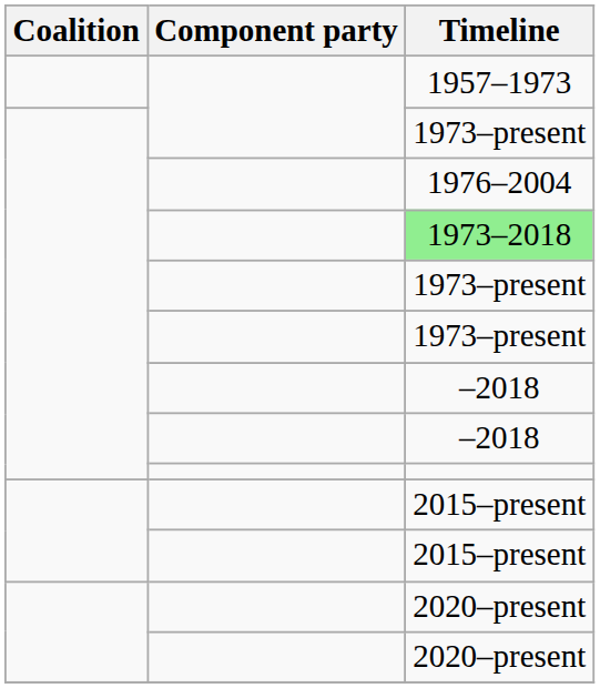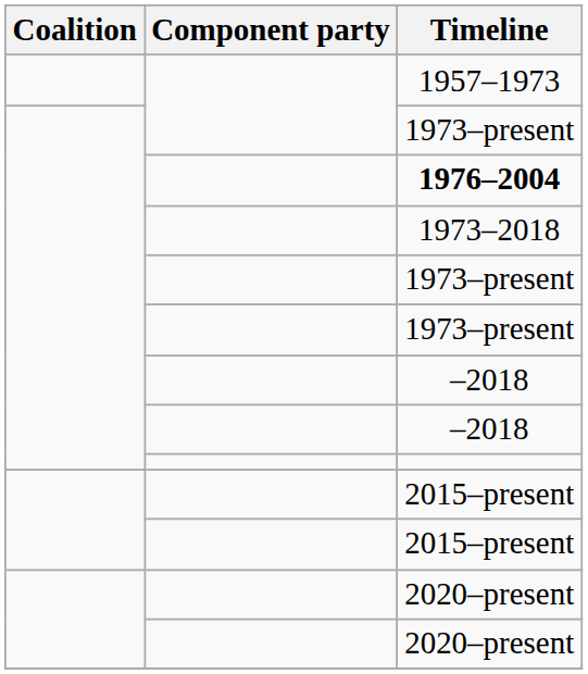 <table class="wikitable">
 <tr>
 <th>Coalition</th>
 <th>Component party</th>
 <th>Timeline</th>
 </tr>
 <tr>
 <td></td>
 <td rowspan=2></td>
 <td align=center>1957–1973</td>
 </tr>
 <tr>
 <td rowspan=8></td>
 <td align=center>1973–present</td>
 </tr>
 <tr>
 <td></td>
-<td align=center>1976–2004</td>
+<td align=center><strong>1976–2004</strong></td>
 </tr>
 <tr>
 <td></td>
-<td align=center style="background: lightgreen;">1973–2018</td>
+<td align=center>1973–2018</td>
 </tr>
 <tr>
 <td></td>
 <td align=center>1973–present</td>
 </tr>
 <tr>
 <td></td>
 <td align=center>1973–present</td>
 </tr>
 <tr>
 <td></td>
 <td align=center>–2018</td>
 </tr>
 <tr>
 <td></td>
 <td align=center>–2018</td>
 </tr>
 <tr>
 <td></td>
 <td align=center></td>
 </tr>
 <tr>
 <td rowspan=2></td>
 <td></td>
 <td align=center>2015–present</td>
 </tr>
 <tr>
 <td></td>
 <td align=center>2015–present</td>
 </tr>
 <tr>
 <td rowspan=2></td>
 <td></td>
 <td align=center>2020–present</td>
 </tr>
 <tr>
 <td></td>
 <td align=center>2020–present</td>
 </tr>
 <tr>
 </tr>
 </table>
